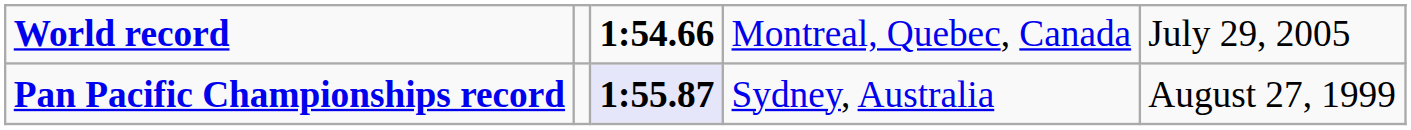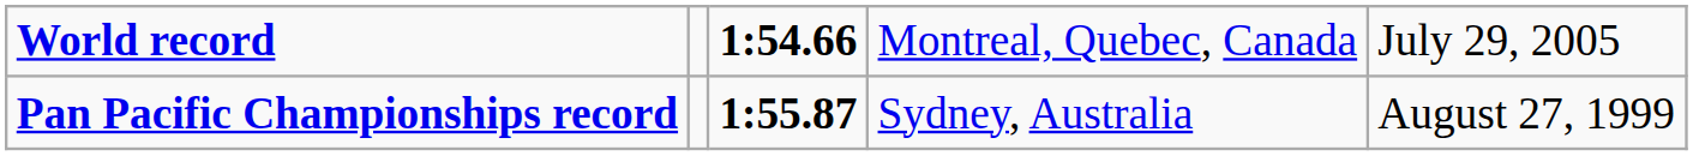 <table class="wikitable">
 <tr>
 <td><strong><a href='#'>World record</a></strong></td>
 <td></td>
 <td><strong>1:54.66</strong></td>
 <td><a href='#'>Montreal, Quebec</a>, <a href='#'>Canada</a></td>
 <td>July 29, 2005</td>
 </tr>
 <tr>
 <td><strong><a href='#'>Pan Pacific Championships record</a></strong></td>
 <td></td>
-<td style="background: lavender;"><strong>1:55.87</strong></td>
+<td><strong>1:55.87</strong></td>
 <td><a href='#'>Sydney</a>, <a href='#'>Australia</a></td>
 <td>August 27, 1999</td>
 </tr>
 </table>
